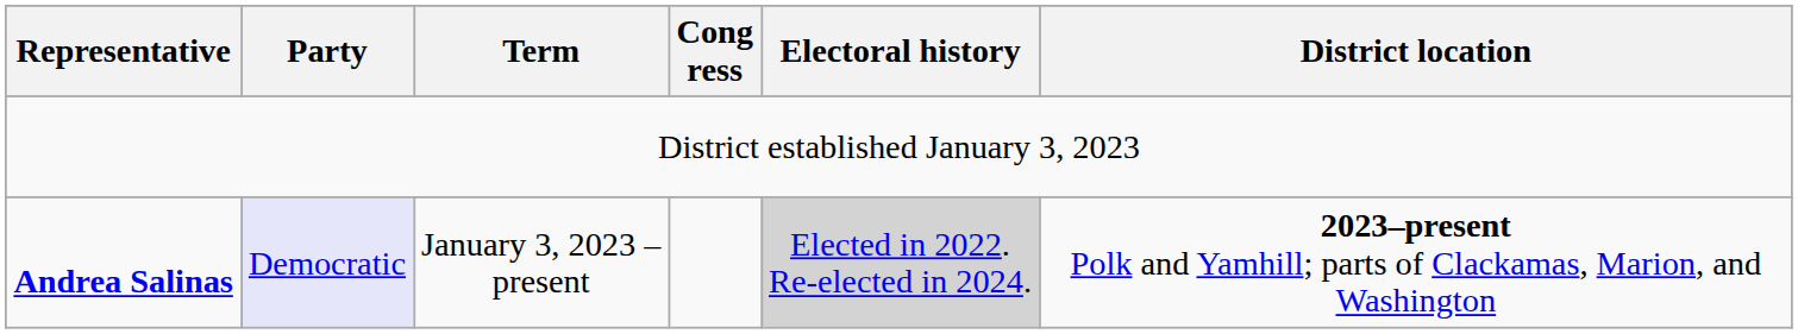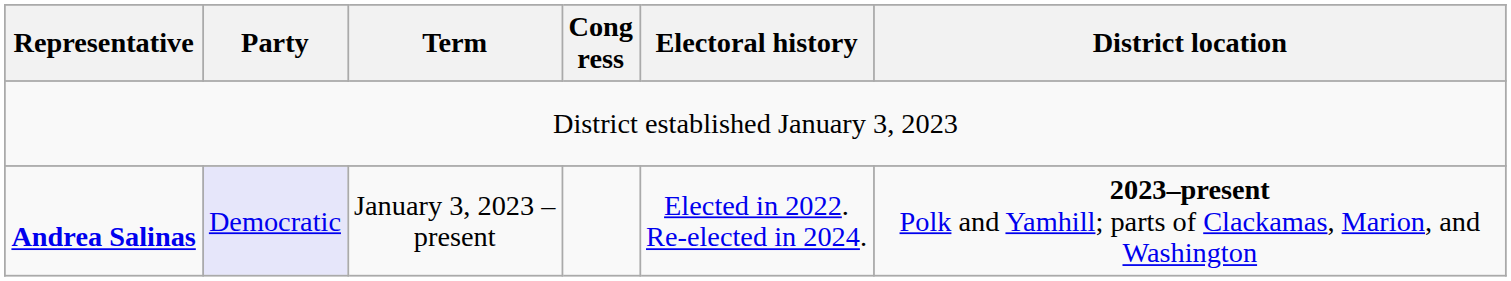 <table class=wikitable style="text-align:center">
 <tr>
 <th>Representative</th>
 <th>Party</th>
 <th>Term</th>
 <th>Cong<br>ress</th>
 <th>Electoral history</th>
 <th width=350>District location</th>
 </tr>
 <tr style="height:3em">
 <td colspan=6>District established January 3, 2023</td>
 </tr>
 <tr style="height:3em">
 <td align=left><br><strong><a href='#'>Andrea Salinas</a></strong><br></td>
 <td style="background: lavender;"><a href='#'>Democratic</a></td>
 <td nowrap>January 3, 2023 –<br>present</td>
 <td></td>
-<td style="background: lightgrey;"><a href='#'>Elected in 2022</a>.<br><a href='#'>Re-elected in 2024</a>.</td>
+<td><a href='#'>Elected in 2022</a>.<br><a href='#'>Re-elected in 2024</a>.</td>
 <td><strong>2023–present</strong><br><a href='#'>Polk</a> and <a href='#'>Yamhill</a>; parts of <a href='#'>Clackamas</a>, <a href='#'>Marion</a>, and <a href='#'>Washington</a></td>
 </tr>
 </table>
